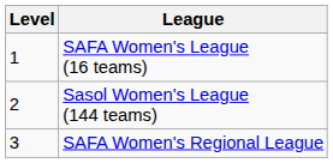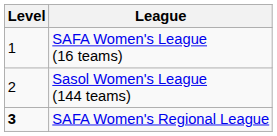 <table class="wikitable">
 <tr>
 <th>Level</th>
 <th>League</th>
 </tr>
 <tr>
 <td>1</td>
 <td><a href='#'>SAFA Women's League</a><br>(16 teams)</td>
 </tr>
 <tr>
 <td>2</td>
 <td><a href='#'>Sasol Women's League</a><br>(144 teams)</td>
 </tr>
 <tr>
-<td>3</td>
+<td><strong>3</strong></td>
 <td><a href='#'>SAFA Women's Regional League</a></td>
 </tr>
 </table>
